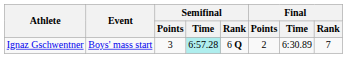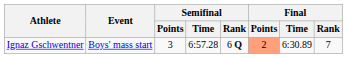 <table class="wikitable" style="font-size:90%">
 <tr>
 <th rowspan=2>Athlete</th>
 <th rowspan=2>Event</th>
 <th colspan=3>Semifinal</th>
 <th colspan=3>Final</th>
 </tr>
 <tr>
 <th>Points</th>
 <th>Time</th>
 <th>Rank</th>
 <th>Points</th>
 <th>Time</th>
 <th>Rank</th>
 </tr>
 <tr align=center>
 <td align=left><a href='#'>Ignaz Gschwentner</a></td>
 <td align=left><a href='#'>Boys' mass start</a></td>
 <td>3</td>
-<td style="background: paleturquoise;">6:57.28</td>
+<td>6:57.28</td>
 <td>6 <strong>Q</strong></td>
-<td>2</td>
+<td style="background: lightsalmon;">2</td>
 <td>6:30.89</td>
 <td>7</td>
 </tr>
 </table>
